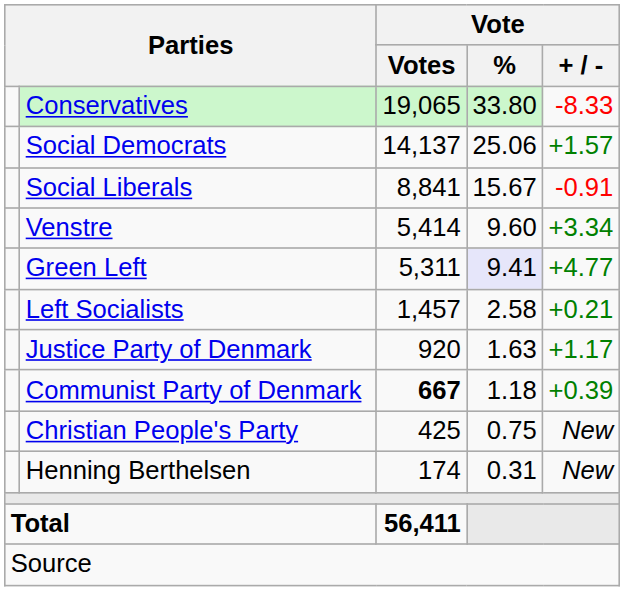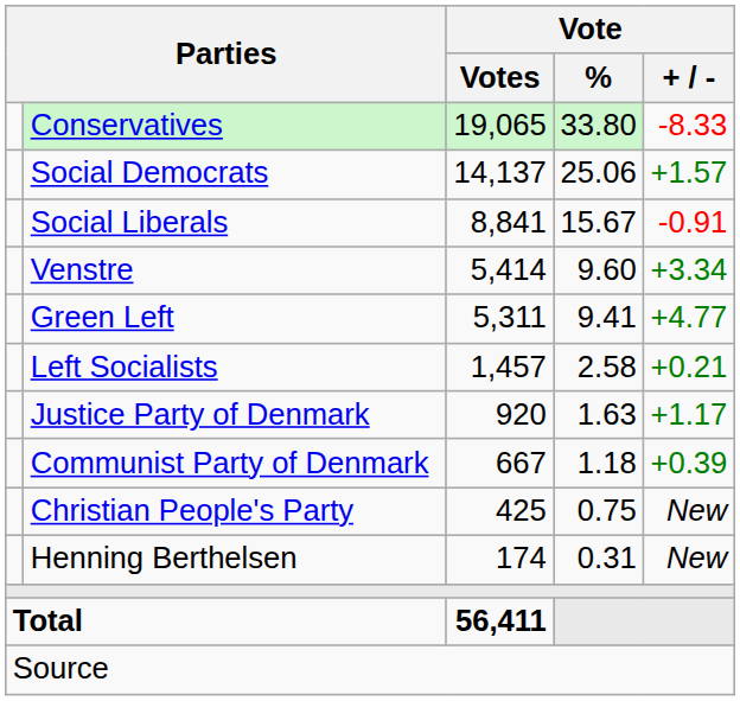 <table class="wikitable" style="text-align:right;">
 <tr>
 <th style="text-align:centre;" rowspan="2" colspan="2" width="225">Parties</th>
 <th colspan="3">Vote</th>
 </tr>
 <tr>
 <th width="15">Votes</th>
 <th width="15">%</th>
 <th width="15">+ / -</th>
 </tr>
 <tr>
 <td width="2" style="color:inherit;background:"></td>
 <td bgcolor=#ccf7cc  align="left"><a href='#'>Conservatives</a></td>
 <td bgcolor=#ccf7cc>19,065</td>
 <td bgcolor=#ccf7cc>33.80</td>
 <td style=color:red;>-8.33</td>
 </tr>
 <tr>
 <td width="2" style="color:inherit;background:"></td>
 <td align="left"><a href='#'>Social Democrats</a></td>
 <td>14,137</td>
 <td>25.06</td>
 <td style=color:green;>+1.57</td>
 </tr>
 <tr>
 <td width="2" style="color:inherit;background:"></td>
 <td align="left"><a href='#'>Social Liberals</a></td>
 <td>8,841</td>
 <td>15.67</td>
 <td style=color:red;>-0.91</td>
 </tr>
 <tr>
 <td width="2" style="color:inherit;background:"></td>
 <td align="left"><a href='#'>Venstre</a></td>
 <td>5,414</td>
 <td>9.60</td>
 <td style=color:green;>+3.34</td>
 </tr>
 <tr>
 <td width="2" style="color:inherit;background:"></td>
 <td align="left"><a href='#'>Green Left</a></td>
 <td>5,311</td>
-<td style="background: lavender;">9.41</td>
+<td>9.41</td>
 <td style=color:green;>+4.77</td>
 </tr>
 <tr>
 <td width="2" style="color:inherit;background:"></td>
 <td align="left"><a href='#'>Left Socialists</a></td>
 <td>1,457</td>
 <td>2.58</td>
 <td style=color:green;>+0.21</td>
 </tr>
 <tr>
 <td width="2" style="color:inherit;background:"></td>
 <td align="left"><a href='#'>Justice Party of Denmark</a></td>
 <td>920</td>
 <td>1.63</td>
 <td style=color:green;>+1.17</td>
 </tr>
 <tr>
 <td width="2" style="color:inherit;background:"></td>
 <td align="left"><a href='#'>Communist Party of Denmark</a></td>
-<td><strong>667</strong></td>
+<td>667</td>
 <td>1.18</td>
 <td style=color:green;>+0.39</td>
 </tr>
 <tr>
 <td width="2" style="color:inherit;background:"></td>
 <td align="left"><a href='#'>Christian People's Party</a></td>
 <td>425</td>
 <td>0.75</td>
 <td><em>New</em></td>
 </tr>
 <tr>
 <td width="2" style="color:inherit;background:"></td>
 <td align="left">Henning Berthelsen</td>
 <td>174</td>
 <td>0.31</td>
 <td><em>New</em></td>
 </tr>
 <tr>
 <td colspan="7" bgcolor="#E9E9E9"></td>
 </tr>
 <tr>
 <td align="left" colspan="2"><strong>Total</strong></td>
 <td><strong>56,411</strong></td>
 <td bgcolor="#E9E9E9" colspan="2"></td>
 </tr>
 <tr>
 <td align="left" colspan="6">Source</td>
 </tr>
 </table>
